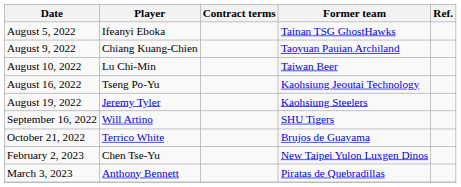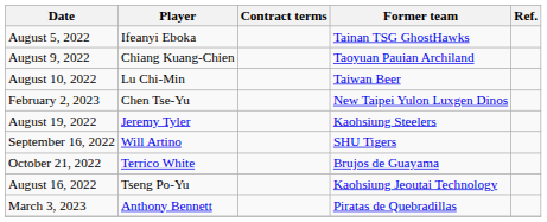 <table class="wikitable">
 <tr>
 <th>Date</th>
 <th>Player</th>
 <th>Contract terms</th>
 <th>Former team</th>
 <th>Ref.</th>
 </tr>
 <tr>
 <td>August 5, 2022</td>
 <td>Ifeanyi Eboka</td>
 <td></td>
 <td><a href='#'>Tainan TSG GhostHawks</a></td>
 <td></td>
 </tr>
 <tr>
 <td>August 9, 2022</td>
 <td>Chiang Kuang-Chien</td>
 <td></td>
 <td><a href='#'>Taoyuan Pauian Archiland</a></td>
 <td></td>
 </tr>
 <tr>
 <td>August 10, 2022</td>
 <td>Lu Chi-Min</td>
 <td></td>
 <td><a href='#'>Taiwan Beer</a></td>
 <td></td>
 </tr>
 <tr>
-<td>August 16, 2022</td>
-<td>Tseng Po-Yu</td>
+<td>February 2, 2023</td>
+<td>Chen Tse-Yu</td>
 <td></td>
-<td><a href='#'>Kaohsiung Jeoutai Technology</a></td>
+<td><a href='#'>New Taipei Yulon Luxgen Dinos</a></td>
 <td></td>
 </tr>
 <tr>
 <td>August 19, 2022</td>
 <td><a href='#'>Jeremy Tyler</a></td>
 <td></td>
 <td><a href='#'>Kaohsiung Steelers</a></td>
 <td></td>
 </tr>
 <tr>
 <td>September 16, 2022</td>
 <td><a href='#'>Will Artino</a></td>
 <td></td>
 <td><a href='#'>SHU Tigers</a></td>
 <td></td>
 </tr>
 <tr>
 <td>October 21, 2022</td>
 <td><a href='#'>Terrico White</a></td>
 <td></td>
 <td><a href='#'>Brujos de Guayama</a></td>
 <td></td>
 </tr>
 <tr>
-<td>February 2, 2023</td>
-<td>Chen Tse-Yu</td>
+<td>August 16, 2022</td>
+<td>Tseng Po-Yu</td>
 <td></td>
-<td><a href='#'>New Taipei Yulon Luxgen Dinos</a></td>
+<td><a href='#'>Kaohsiung Jeoutai Technology</a></td>
 <td></td>
 </tr>
 <tr>
 <td>March 3, 2023</td>
 <td><a href='#'>Anthony Bennett</a></td>
 <td></td>
 <td><a href='#'>Piratas de Quebradillas</a></td>
 <td></td>
 </tr>
 <tr>
 </tr>
 </table>
